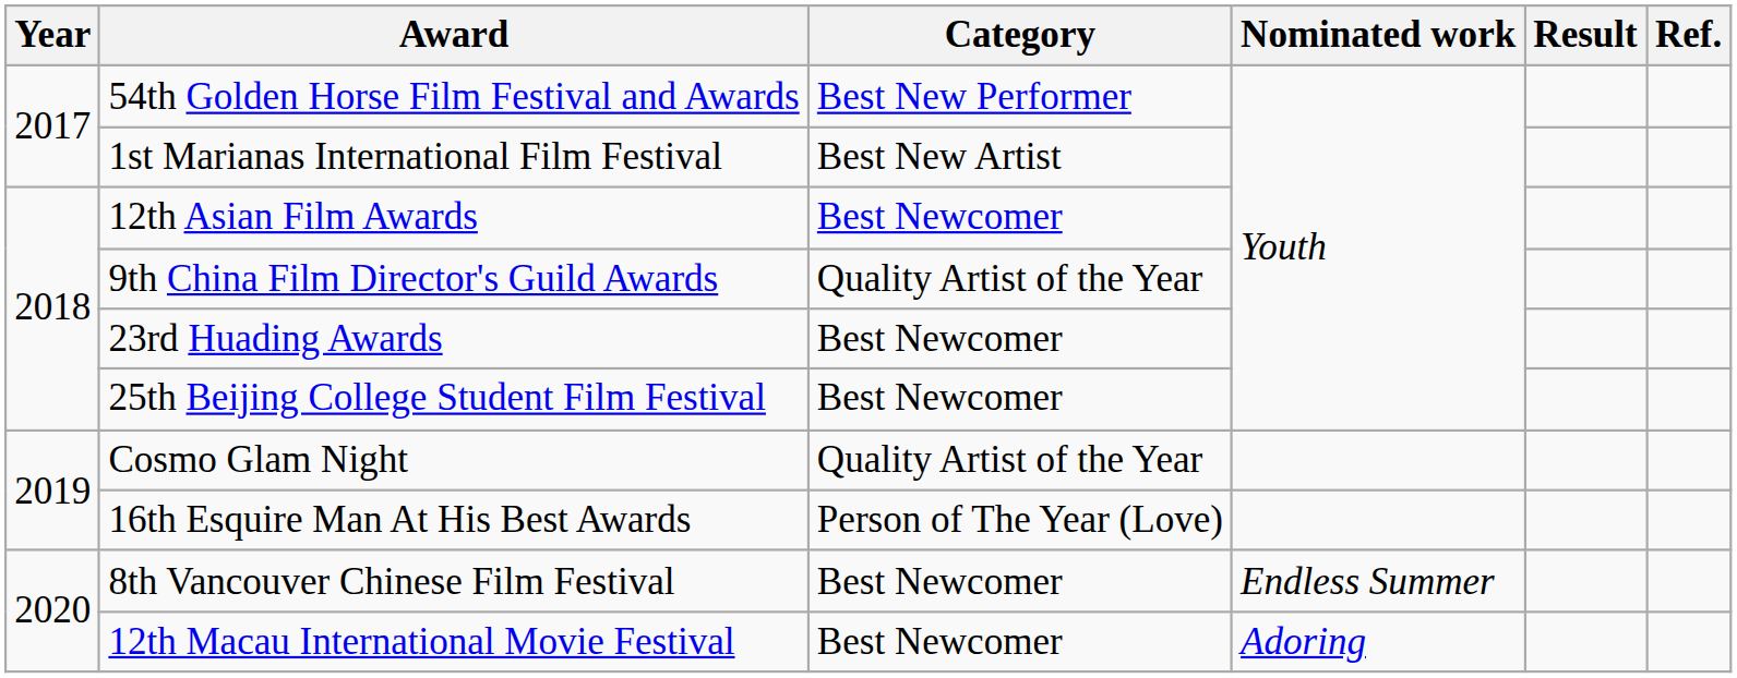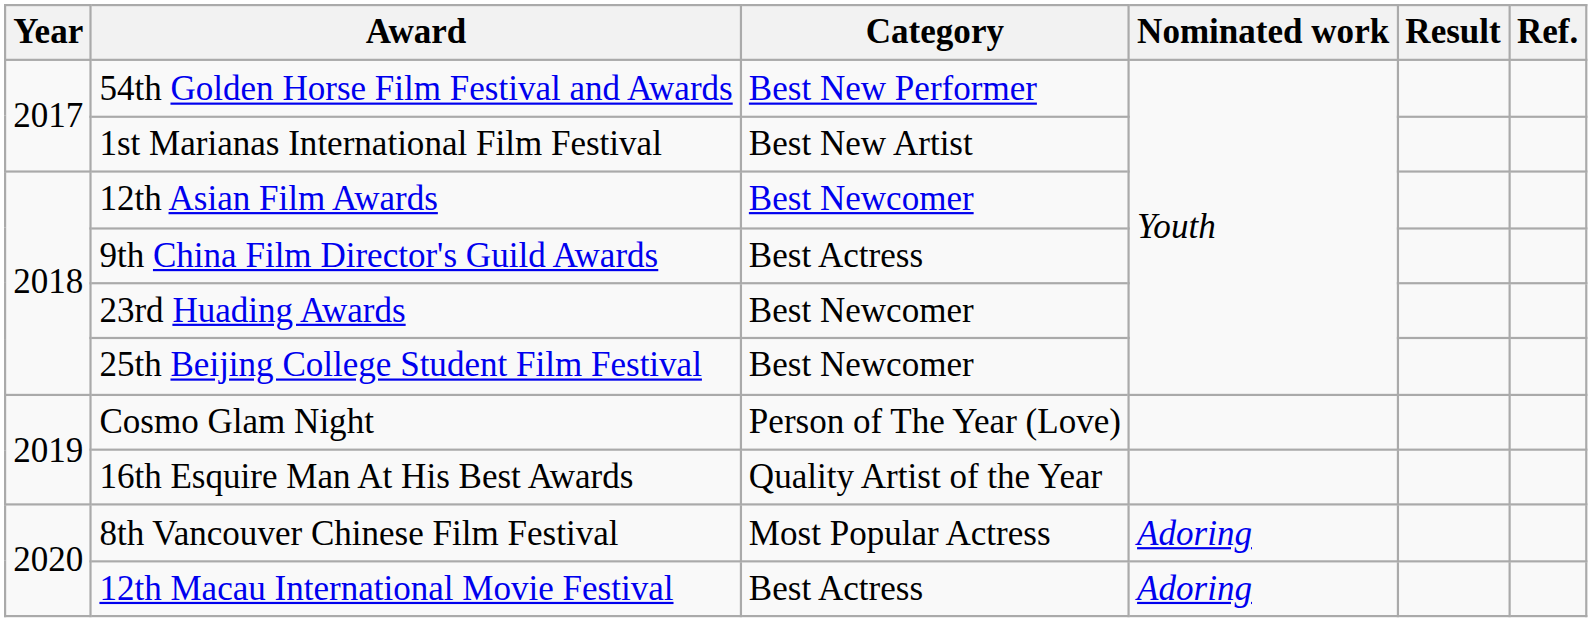 <table class="wikitable">
 <tr>
 <th width=10>Year</th>
 <th>Award</th>
 <th>Category</th>
 <th>Nominated work</th>
 <th>Result</th>
 <th>Ref.</th>
 </tr>
 <tr>
 <td rowspan=2>2017</td>
 <td>54th <a href='#'>Golden Horse Film Festival and Awards</a></td>
 <td><a href='#'>Best New Performer</a></td>
 <td rowspan=6><em>Youth</em></td>
 <td></td>
 <td></td>
 </tr>
 <tr>
 <td>1st Marianas International Film Festival</td>
 <td>Best New Artist</td>
 <td></td>
 <td></td>
 </tr>
 <tr>
 <td rowspan=4>2018</td>
 <td>12th <a href='#'>Asian Film Awards</a></td>
 <td><a href='#'>Best Newcomer</a></td>
 <td></td>
 <td></td>
 </tr>
 <tr>
 <td>9th <a href='#'>China Film Director's Guild Awards</a></td>
-<td>Quality Artist of the Year</td>
+<td>Best Actress</td>
 <td></td>
 <td></td>
 </tr>
 <tr>
 <td>23rd <a href='#'>Huading Awards</a></td>
 <td>Best Newcomer</td>
 <td></td>
 <td></td>
 </tr>
 <tr>
 <td>25th <a href='#'>Beijing College Student Film Festival</a></td>
 <td>Best Newcomer</td>
 <td></td>
 <td></td>
 </tr>
 <tr>
 <td rowspan=2>2019</td>
 <td>Cosmo Glam Night</td>
-<td>Quality Artist of the Year</td>
+<td>Person of The Year (Love)</td>
 <td></td>
 <td></td>
 <td></td>
 </tr>
 <tr>
 <td>16th Esquire Man At His Best Awards</td>
-<td>Person of The Year (Love)</td>
+<td>Quality Artist of the Year</td>
 <td></td>
 <td></td>
 <td></td>
 </tr>
 <tr>
 <td rowspan=2>2020</td>
 <td>8th Vancouver Chinese Film Festival</td>
-<td>Best Newcomer</td>
-<td><em>Endless Summer</em></td>
+<td>Most Popular Actress</td>
+<td><em><a href='#'>Adoring</a></em></td>
 <td></td>
 <td></td>
 </tr>
 <tr>
 <td><a href='#'>12th Macau International Movie Festival</a></td>
-<td>Best Newcomer</td>
+<td>Best Actress</td>
 <td><em><a href='#'>Adoring</a></em></td>
 <td></td>
 <td></td>
 </tr>
 </table>
